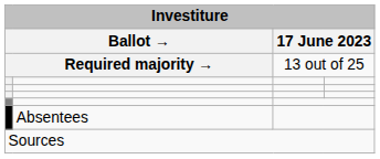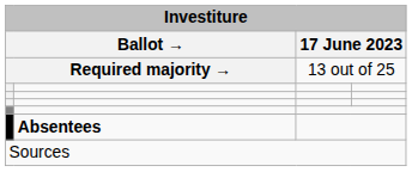 <table class="wikitable" style="text-align:center;">
 <tr bgcolor="#E9E9E9">
 <td colspan="4" align="center" bgcolor="#C0C0C0"><strong>Investiture</strong></td>
 </tr>
 <tr>
 <th colspan="2" width="275px">Ballot →</th>
 <th colspan="2">17 June 2023</th>
 </tr>
 <tr>
 <th colspan="2">Required majority →</th>
 <td colspan="2">13 out of 25</td>
 </tr>
 <tr>
 <th width="1px" style="background:"></th>
 <td align="left"></td>
 <td></td>
 <td></td>
 </tr>
 <tr>
 <th style="color:inherit;background:"></th>
 <td align="left"></td>
 <td></td>
 <td></td>
 </tr>
 <tr>
 <th style="color:inherit;background:"></th>
 <td align="left"></td>
 <td></td>
 <td></td>
 </tr>
 <tr>
 <th style="color:inherit;background:gray;"></th>
 <td align="left"></td>
 <td colspan="2"></td>
 </tr>
 <tr>
 <th style="color:inherit;background:black;"></th>
-<td align="left">Absentees</td>
+<td align="left"><strong>Absentees</strong></td>
 <td colspan="2"></td>
 </tr>
 <tr>
 <td align="left" colspan="4">Sources</td>
 </tr>
 </table>
